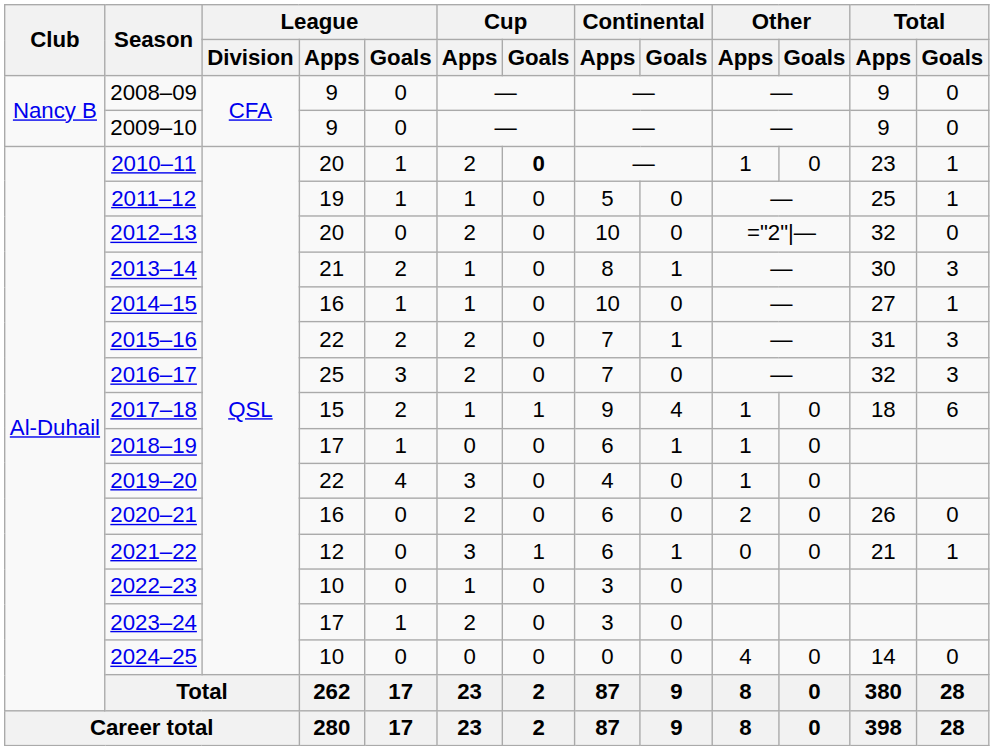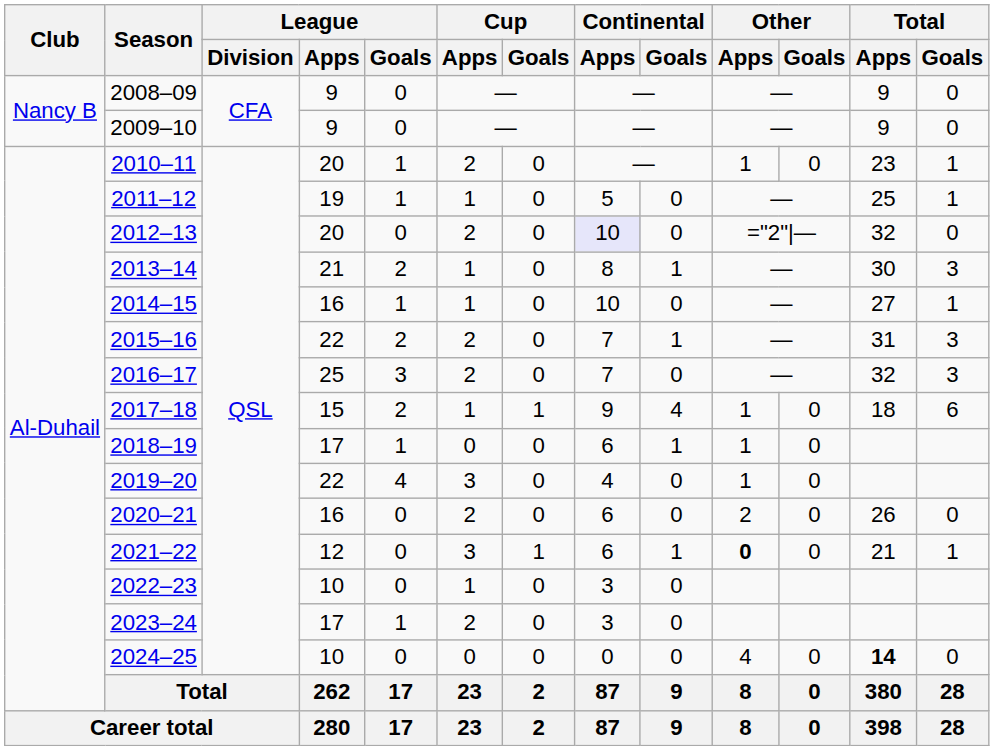 <table class="wikitable" style="text-align:center">
 <tr>
 <th rowspan="2">Club</th>
 <th rowspan="2">Season</th>
 <th colspan="3">League</th>
 <th colspan="2">Cup</th>
 <th colspan="2">Continental</th>
 <th colspan="2">Other</th>
 <th colspan="2">Total</th>
 </tr>
 <tr>
 <th>Division</th>
 <th>Apps</th>
 <th>Goals</th>
 <th>Apps</th>
 <th>Goals</th>
 <th>Apps</th>
 <th>Goals</th>
 <th>Apps</th>
 <th>Goals</th>
 <th>Apps</th>
 <th>Goals</th>
 </tr>
 <tr>
 <td rowspan="2"><a href='#'>Nancy B</a></td>
 <td>2008–09</td>
 <td rowspan="2"><a href='#'>CFA</a></td>
 <td>9</td>
 <td>0</td>
 <td colspan="2">—</td>
 <td colspan="2">—</td>
 <td colspan="2">—</td>
 <td>9</td>
 <td>0</td>
 </tr>
 <tr>
 <td>2009–10</td>
 <td>9</td>
 <td>0</td>
 <td colspan="2">—</td>
 <td colspan="2">—</td>
 <td colspan="2">—</td>
 <td>9</td>
 <td>0</td>
 </tr>
 <tr>
 <td rowspan="16"><a href='#'>Al-Duhail</a></td>
 <td><a href='#'>2010–11</a></td>
 <td rowspan=15><a href='#'>QSL</a></td>
 <td>20</td>
 <td>1</td>
 <td>2</td>
-<td><strong>0</strong></td>
+<td>0</td>
 <td colspan="2">—</td>
 <td>1</td>
 <td>0</td>
 <td>23</td>
 <td>1</td>
 </tr>
 <tr>
 <td><a href='#'>2011–12</a></td>
 <td>19</td>
 <td>1</td>
 <td>1</td>
 <td>0</td>
 <td>5</td>
 <td>0</td>
 <td colspan="2">—</td>
 <td>25</td>
 <td>1</td>
 </tr>
 <tr>
 <td><a href='#'>2012–13</a></td>
 <td>20</td>
 <td>0</td>
 <td>2</td>
 <td>0</td>
-<td>10</td>
+<td style="background: lavender;">10</td>
 <td>0</td>
 <td colspan="2">="2"|—</td>
 <td>32</td>
 <td>0</td>
 </tr>
 <tr>
 <td><a href='#'>2013–14</a></td>
 <td>21</td>
 <td>2</td>
 <td>1</td>
 <td>0</td>
 <td>8</td>
 <td>1</td>
 <td colspan="2">—</td>
 <td>30</td>
 <td>3</td>
 </tr>
 <tr>
 <td><a href='#'>2014–15</a></td>
 <td>16</td>
 <td>1</td>
 <td>1</td>
 <td>0</td>
 <td>10</td>
 <td>0</td>
 <td colspan="2">—</td>
 <td>27</td>
 <td>1</td>
 </tr>
 <tr>
 <td><a href='#'>2015–16</a></td>
 <td>22</td>
 <td>2</td>
 <td>2</td>
 <td>0</td>
 <td>7</td>
 <td>1</td>
 <td colspan="2">—</td>
 <td>31</td>
 <td>3</td>
 </tr>
 <tr>
 <td><a href='#'>2016–17</a></td>
 <td>25</td>
 <td>3</td>
 <td>2</td>
 <td>0</td>
 <td>7</td>
 <td>0</td>
 <td colspan="2">—</td>
 <td>32</td>
 <td>3</td>
 </tr>
 <tr>
 <td><a href='#'>2017–18</a></td>
 <td>15</td>
 <td>2</td>
 <td>1</td>
 <td>1</td>
 <td>9</td>
 <td>4</td>
 <td>1</td>
 <td>0</td>
 <td>18</td>
 <td>6</td>
 </tr>
 <tr>
 <td><a href='#'>2018–19</a></td>
 <td>17</td>
 <td>1</td>
 <td>0</td>
 <td>0</td>
 <td>6</td>
 <td>1</td>
 <td>1</td>
 <td>0</td>
 <td></td>
 <td></td>
 </tr>
 <tr>
 <td><a href='#'>2019–20</a></td>
 <td>22</td>
 <td>4</td>
 <td>3</td>
 <td>0</td>
 <td>4</td>
 <td>0</td>
 <td>1</td>
 <td>0</td>
 <td></td>
 <td></td>
 </tr>
 <tr>
 <td><a href='#'>2020–21</a></td>
 <td>16</td>
 <td>0</td>
 <td>2</td>
 <td>0</td>
 <td>6</td>
 <td>0</td>
 <td>2</td>
 <td>0</td>
 <td>26</td>
 <td>0</td>
 </tr>
 <tr>
 <td><a href='#'>2021–22</a></td>
 <td>12</td>
 <td>0</td>
 <td>3</td>
 <td>1</td>
 <td>6</td>
 <td>1</td>
-<td>0</td>
+<td><strong>0</strong></td>
 <td>0</td>
 <td>21</td>
 <td>1</td>
 </tr>
 <tr>
 <td><a href='#'>2022–23</a></td>
 <td>10</td>
 <td>0</td>
 <td>1</td>
 <td>0</td>
 <td>3</td>
 <td>0</td>
 <td></td>
 <td></td>
 <td></td>
 <td></td>
 </tr>
 <tr>
 <td><a href='#'>2023–24</a></td>
 <td>17</td>
 <td>1</td>
 <td>2</td>
 <td>0</td>
 <td>3</td>
 <td>0</td>
 <td></td>
 <td></td>
 <td></td>
 <td></td>
 </tr>
 <tr>
 <td><a href='#'>2024–25</a></td>
 <td>10</td>
 <td>0</td>
 <td>0</td>
 <td>0</td>
 <td>0</td>
 <td>0</td>
 <td>4</td>
 <td>0</td>
-<td>14</td>
+<td><strong>14</strong></td>
 <td>0</td>
 </tr>
 <tr>
 <th colspan="2">Total</th>
 <th>262</th>
 <th>17</th>
 <th>23</th>
 <th>2</th>
 <th>87</th>
 <th>9</th>
 <th>8</th>
 <th>0</th>
 <th>380</th>
 <th>28</th>
 </tr>
 <tr>
 <th colspan="3">Career total</th>
 <th>280</th>
 <th>17</th>
 <th>23</th>
 <th>2</th>
 <th>87</th>
 <th>9</th>
 <th>8</th>
 <th>0</th>
 <th>398</th>
 <th>28</th>
 </tr>
 </table>
